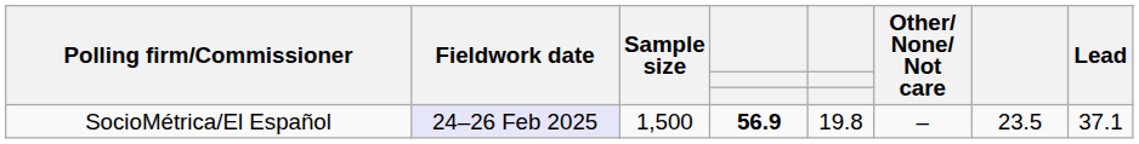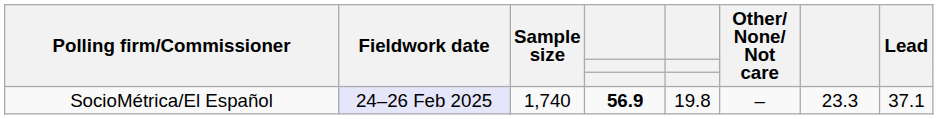 <table class="wikitable collapsible collapsed" style="text-align:center; font-size:90%; line-height:14px;">
 <tr style="height:42px;">
 <th style="width:250px;" rowspan="3">Polling firm/Commissioner</th>
 <th style="width:125px;" rowspan="3">Fieldwork date</th>
 <th style="width:50px;" rowspan="3">Sample size</th>
 <th style="width:55px;"></th>
 <th style="width:35px;"></th>
 <th style="width:55px;" rowspan="3">Other/<br>None/<br>Not<br>care</th>
 <th style="width:55px;" rowspan="3"></th>
 <th style="width:30px;" rowspan="3">Lead</th>
 </tr>
 <tr>
 <th style="color:inherit;background:"></th>
 <th style="color:inherit;background:"></th>
 </tr>
 <tr>
 <th></th>
 <th></th>
 </tr>
 <tr>
 <td>SocioMétrica/El Español</td>
 <td style="background: lavender;">24–26 Feb 2025</td>
-<td>1,500</td>
+<td>1,740</td>
 <td><strong>56.9</strong></td>
 <td>19.8</td>
 <td>–</td>
-<td>23.5</td>
+<td>23.3</td>
 <td style="background:">37.1</td>
 </tr>
 </table>
